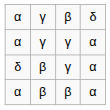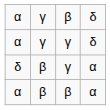 <table class="wikitable" style="margin-left:auto;margin-right:auto;text-align:center;width:8em;height:8em;table-layout:fixed;">
 <tr>
 <td>α</td>
 <td>γ</td>
 <td>β</td>
 <td>δ</td>
 </tr>
 <tr>
 <td>α</td>
 <td>γ</td>
 <td>γ</td>
-<td>α</td>
+<td>δ</td>
 </tr>
 <tr>
 <td>δ</td>
 <td>β</td>
 <td>γ</td>
 <td>α</td>
 </tr>
 <tr>
 <td>α</td>
 <td>β</td>
 <td>β</td>
 <td>α</td>
 </tr>
 </table>
